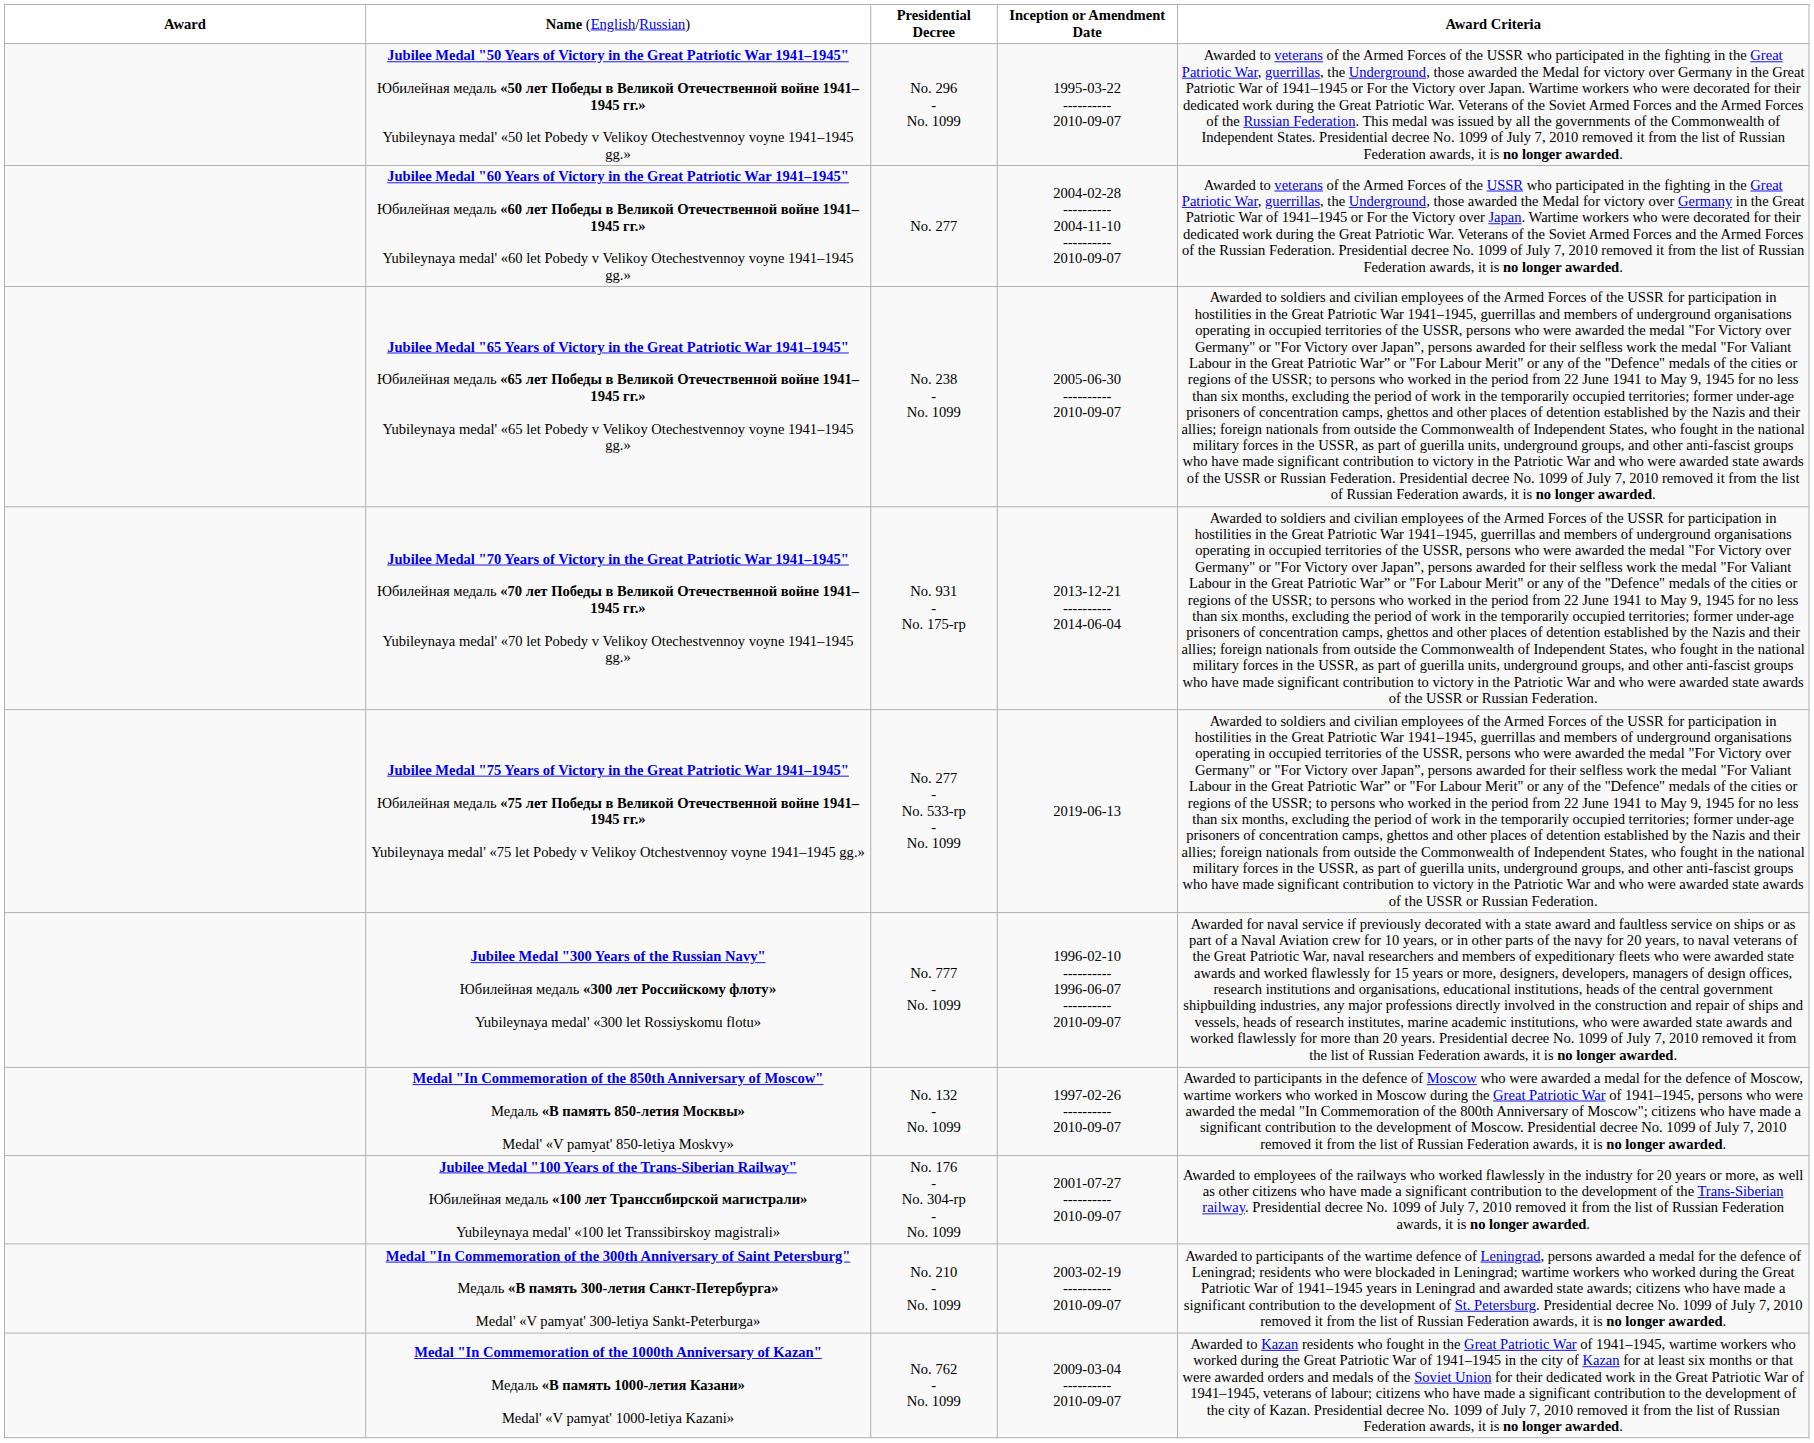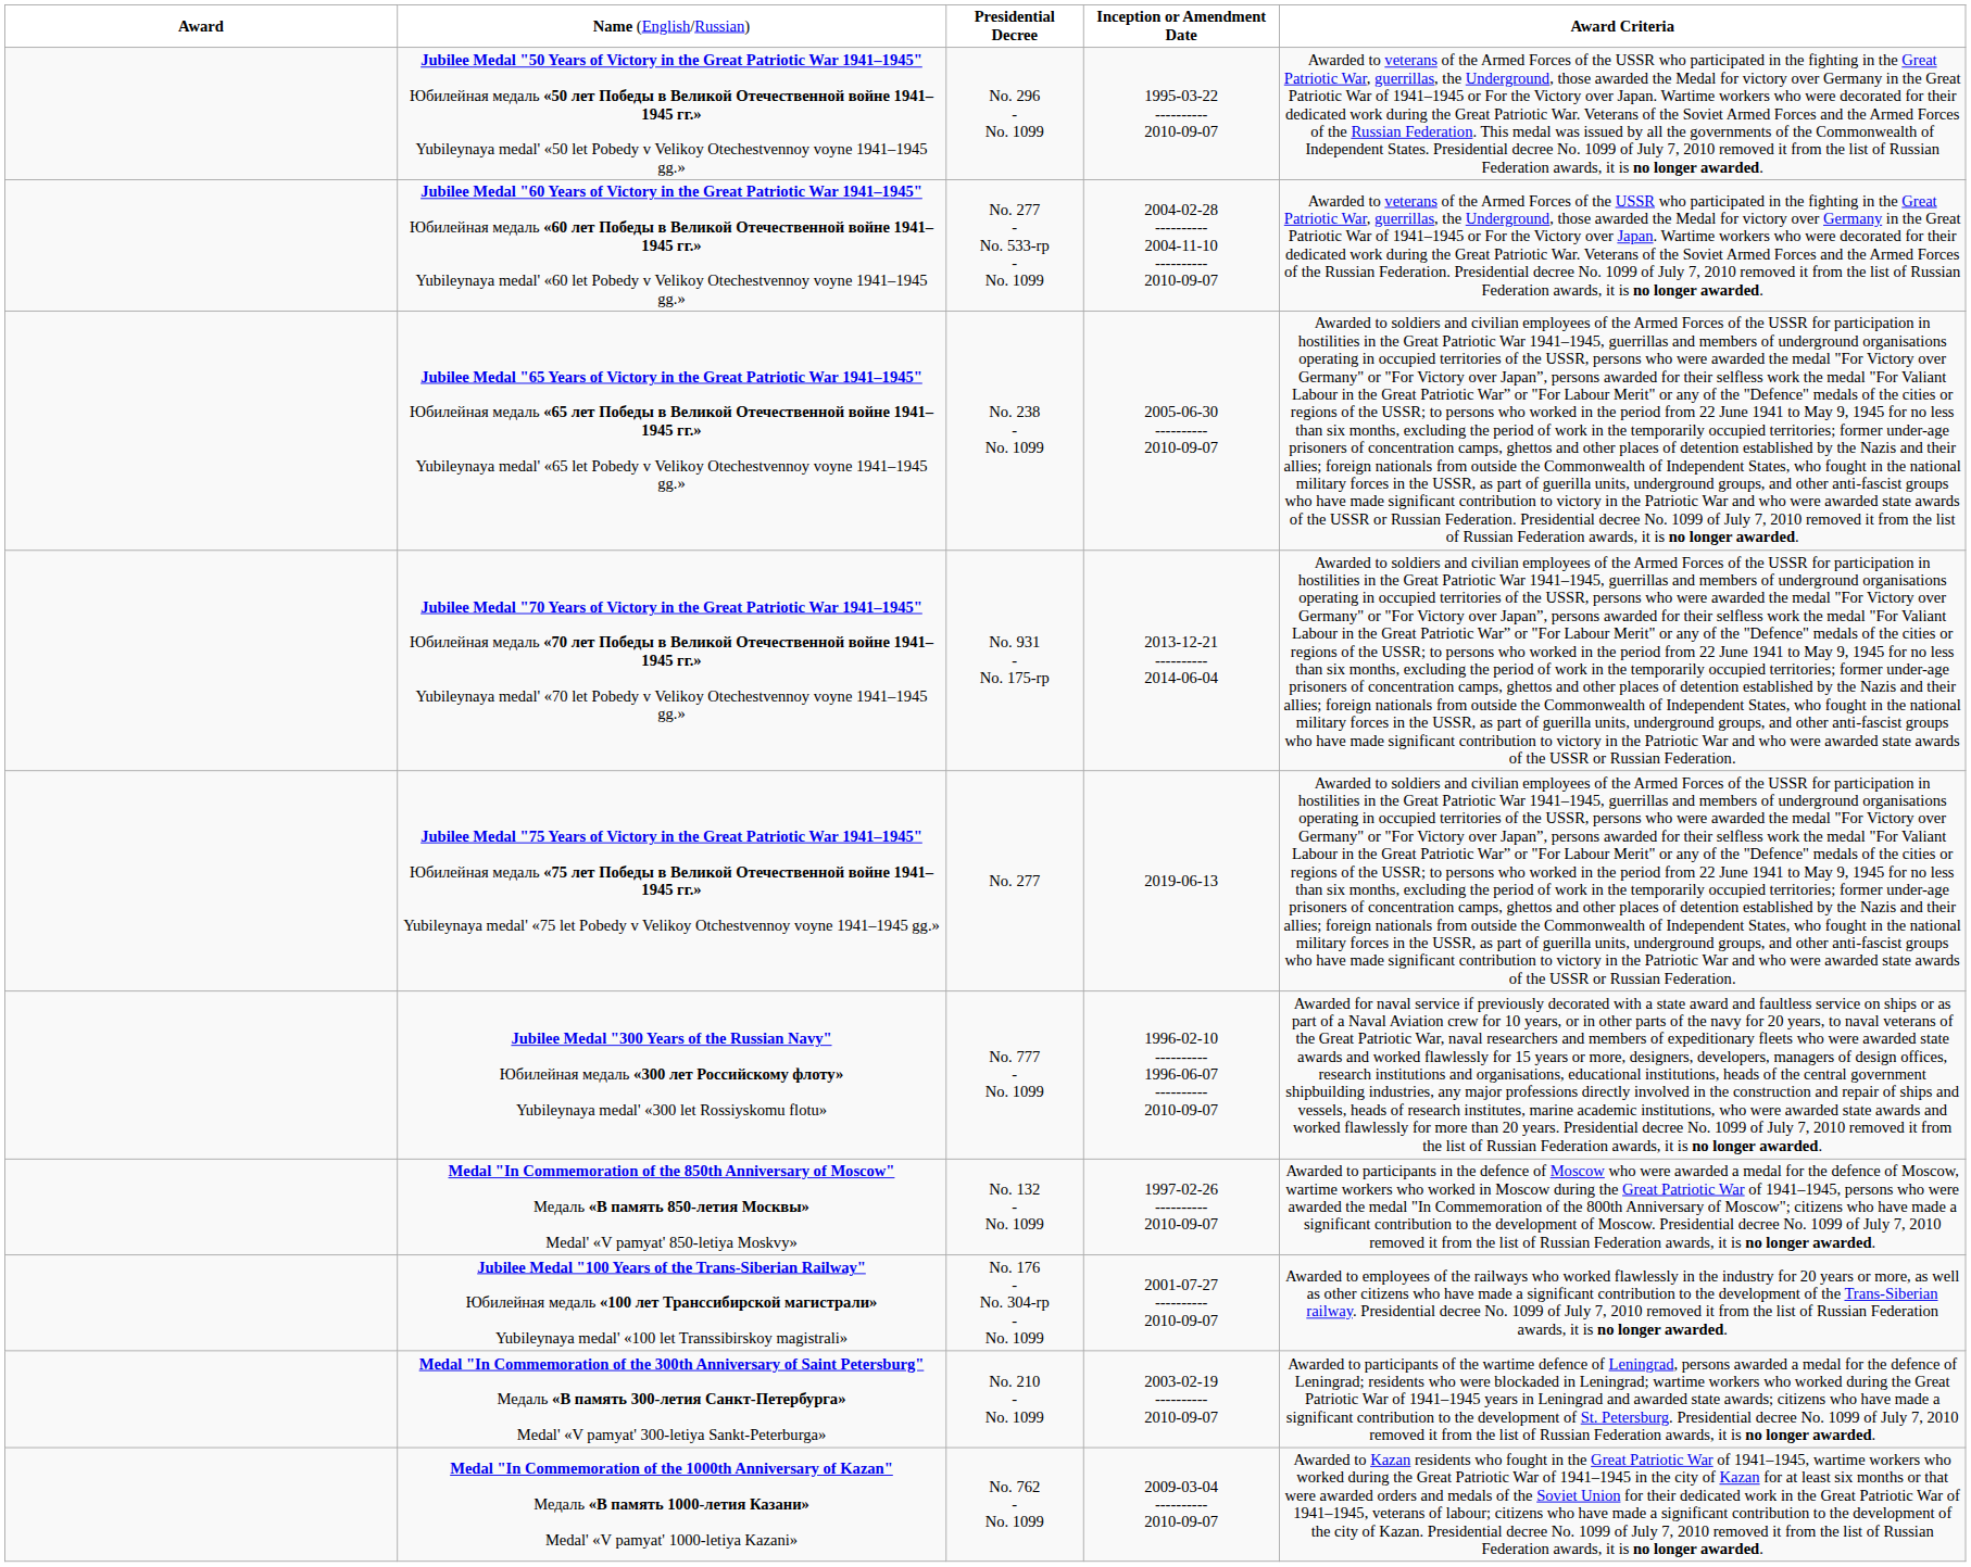 <table class="wikitable sortable" width="100%" style="text-align:center;">
 <tr>
 <td width="20%" bgcolor="#FFFFFF"><strong>Award</strong></td>
 <td width="28%" bgcolor="#FFFFFF"><strong>Name</strong> (<a href='#'>English</a>/<a href='#'>Russian</a>)</td>
 <td bgcolor="#FFFFFF" width="7%"><strong>Presidential Decree</strong></td>
 <td width="10%" bgcolor="#FFFFFF"><strong>Inception or Amendment Date</strong></td>
 <td width="35%" bgcolor="#FFFFFF"><strong>Award Criteria</strong></td>
 </tr>
 <tr>
 <td><br></td>
 <td><strong><a href='#'>Jubilee Medal "50 Years of Victory in the Great Patriotic War 1941–1945"</a></strong><br><br>Юбилейная медаль <strong>«50 лет Победы в Великой Отечественной войне 1941–1945 гг.»</strong><br><br>Yubileynaya medal' «50 let Pobedy v Velikoy Otechestvennoy voyne 1941–1945 gg.»</td>
 <td>No. 296<br>-<br>No. 1099</td>
 <td>1995-03-22<br>----------<br>2010-09-07</td>
 <td>Awarded to <a href='#'>veterans</a> of the Armed Forces of the USSR who participated in the fighting in the <a href='#'>Great Patriotic War</a>, <a href='#'>guerrillas</a>, the <a href='#'>Underground</a>, those awarded the Medal for victory over Germany in the Great Patriotic War of 1941–1945 or For the Victory over Japan.  Wartime workers who were decorated for their dedicated work during the Great Patriotic War.  Veterans of the Soviet Armed Forces and the Armed Forces of the <a href='#'>Russian Federation</a>. This medal was issued by all the governments of the Commonwealth of Independent States.  Presidential decree No. 1099 of July 7, 2010 removed it from the list of Russian Federation awards, it is <strong>no longer awarded</strong>.</td>
 </tr>
 <tr>
 <td><br></td>
 <td><strong><a href='#'>Jubilee Medal "60 Years of Victory in the Great Patriotic War 1941–1945"</a></strong><br><br>Юбилейная медаль <strong>«60 лет Победы в Великой Отечественной войне 1941–1945 гг.»</strong><br><br>Yubileynaya medal' «60 let Pobedy v Velikoy Otechestvennoy voyne 1941–1945 gg.»</td>
-<td>No. 277</td>
+<td>No. 277<br>-<br>No. 533-rp<br>-<br>No. 1099</td>
 <td>2004-02-28<br>----------<br>2004-11-10<br>----------<br>2010-09-07</td>
 <td>Awarded to <a href='#'>veterans</a> of the Armed Forces of the <a href='#'>USSR</a> who participated in the fighting in the <a href='#'>Great Patriotic War</a>, <a href='#'>guerrillas</a>, the <a href='#'>Underground</a>, those awarded the Medal for victory over <a href='#'>Germany</a> in the Great Patriotic War of 1941–1945 or For the Victory over <a href='#'>Japan</a>.  Wartime workers who were decorated for their dedicated work during the Great Patriotic War.  Veterans of the Soviet Armed Forces and the Armed Forces of the Russian Federation.  Presidential decree No. 1099 of July 7, 2010 removed it from the list of Russian Federation awards, it is <strong>no longer awarded</strong>.</td>
 </tr>
 <tr>
 <td><br></td>
 <td><strong><a href='#'>Jubilee Medal "65 Years of Victory in the Great Patriotic War 1941–1945"</a></strong><br><br>Юбилейная медаль <strong>«65 лет Победы в Великой Отечественной войне 1941–1945 гг.»</strong><br><br>Yubileynaya medal' «65 let Pobedy v Velikoy Otechestvennoy voyne 1941–1945 gg.»</td>
 <td>No. 238<br>-<br>No. 1099</td>
 <td>2005-06-30<br>----------<br>2010-09-07</td>
 <td>Awarded to soldiers and civilian employees of the Armed Forces of the USSR for participation in hostilities in the Great Patriotic War 1941–1945, guerrillas and members of underground organisations operating in occupied territories of the USSR, persons who were awarded the medal "For Victory over Germany" or "For Victory over Japan”, persons awarded for their selfless work the medal "For Valiant Labour in the Great Patriotic War” or "For Labour Merit" or any of the "Defence" medals of the cities or regions of the USSR; to persons who worked in the period from 22 June 1941 to May 9, 1945 for no less than six months, excluding the period of work in the temporarily occupied territories; former under-age prisoners of concentration camps, ghettos and other places of detention established by the Nazis and their allies; foreign nationals from outside the Commonwealth of Independent States, who fought in the national military forces in the USSR, as part of guerilla units, underground groups, and other anti-fascist groups who have made significant contribution to victory in the Patriotic War and who were awarded state awards of the USSR or Russian Federation.  Presidential decree No. 1099 of July 7, 2010 removed it from the list of Russian Federation awards, it is <strong>no longer awarded</strong>.</td>
 </tr>
 <tr>
 <td><br></td>
 <td><strong><a href='#'>Jubilee Medal "70 Years of Victory in the Great Patriotic War 1941–1945"</a></strong><br><br>Юбилейная медаль <strong>«70 лет Победы в Великой Отечественной войне 1941–1945 гг.»</strong><br><br>Yubileynaya medal' «70 let Pobedy v Velikoy Otechestvennoy voyne 1941–1945 gg.»</td>
 <td>No. 931<br>-<br>No. 175-rp</td>
 <td>2013-12-21<br>----------<br>2014-06-04</td>
 <td>Awarded to soldiers and civilian employees of the Armed Forces of the USSR for participation in hostilities in the Great Patriotic War 1941–1945, guerrillas and members of underground organisations operating in occupied territories of the USSR, persons who were awarded the medal "For Victory over Germany" or "For Victory over Japan”, persons awarded for their selfless work the medal "For Valiant Labour in the Great Patriotic War” or "For Labour Merit" or any of the "Defence" medals of the cities or regions of the USSR; to persons who worked in the period from 22 June 1941 to May 9, 1945 for no less than six months, excluding the period of work in the temporarily occupied territories; former under-age prisoners of concentration camps, ghettos and other places of detention established by the Nazis and their allies; foreign nationals from outside the Commonwealth of Independent States, who fought in the national military forces in the USSR, as part of guerilla units, underground groups, and other anti-fascist groups who have made significant contribution to victory in the Patriotic War and who were awarded state awards of the USSR or Russian Federation.</td>
 </tr>
 <tr>
 <td><br></td>
 <td><strong><a href='#'>Jubilee Medal "75 Years of Victory in the Great Patriotic War 1941–1945"</a></strong><br><br>Юбилейная медаль <strong>«75 лет Победы в Великой Отечественной войне 1941–1945 гг.»</strong><br><br>Yubileynaya medal' «75 let Pobedy v Velikoy Otchestvennoy voyne 1941–1945 gg.»</td>
-<td>No. 277<br>-<br>No. 533-rp<br>-<br>No. 1099</td>
+<td>No. 277</td>
 <td>2019-06-13</td>
 <td>Awarded to soldiers and civilian employees of the Armed Forces of the USSR for participation in hostilities in the Great Patriotic War 1941–1945, guerrillas and members of underground organisations operating in occupied territories of the USSR, persons who were awarded the medal "For Victory over Germany" or "For Victory over Japan”, persons awarded for their selfless work the medal "For Valiant Labour in the Great Patriotic War” or "For Labour Merit" or any of the "Defence" medals of the cities or regions of the USSR; to persons who worked in the period from 22 June 1941 to May 9, 1945 for no less than six months, excluding the period of work in the temporarily occupied territories; former under-age prisoners of concentration camps, ghettos and other places of detention established by the Nazis and their allies; foreign nationals from outside the Commonwealth of Independent States, who fought in the national military forces in the USSR, as part of guerilla units, underground groups, and other anti-fascist groups who have made significant contribution to victory in the Patriotic War and who were awarded state awards of the USSR or Russian Federation.</td>
 </tr>
 <tr>
 <td><br></td>
 <td><strong><a href='#'>Jubilee Medal "300 Years of the Russian Navy"</a></strong><br><br>Юбилейная медаль <strong>«300 лет Российскому флоту»</strong><br><br>Yubileynaya medal' «300 let Rossiyskomu flotu»</td>
 <td>No. 777<br>-<br>No. 1099</td>
 <td>1996-02-10<br>----------<br>1996-06-07<br>----------<br>2010-09-07</td>
 <td>Awarded for naval service if previously decorated with a state award and faultless service on ships or as part of a Naval Aviation crew for 10 years, or in other parts of the navy for 20 years, to naval veterans of the Great Patriotic War, naval researchers and members of expeditionary fleets who were awarded state awards and worked flawlessly for 15 years or more, designers, developers, managers of design offices, research institutions and organisations, educational institutions, heads of the central government shipbuilding industries, any major professions directly involved in the construction and repair of ships and vessels, heads of research institutes, marine academic institutions, who were awarded state awards and worked flawlessly for more than 20 years.  Presidential decree No. 1099 of July 7, 2010 removed it from the list of Russian Federation awards, it is <strong>no longer awarded</strong>.</td>
 </tr>
 <tr>
 <td><br></td>
 <td><strong><a href='#'>Medal "In Commemoration of the 850th Anniversary of Moscow"</a></strong><br><br>Медаль <strong>«В память 850-летия Москвы»</strong><br><br>Medal' «V pamyat' 850-letiya Moskvy»</td>
 <td>No. 132<br>-<br>No. 1099</td>
 <td>1997-02-26<br>----------<br>2010-09-07</td>
 <td>Awarded to participants in the defence of <a href='#'>Moscow</a> who were awarded a medal for the defence of Moscow, wartime workers who worked in Moscow during the <a href='#'>Great Patriotic War</a> of 1941–1945, persons who were awarded the medal "In Commemoration of the 800th Anniversary of Moscow"; citizens who have made a significant contribution to the development of Moscow.  Presidential decree No. 1099 of July 7, 2010 removed it from the list of Russian Federation awards, it is <strong>no longer awarded</strong>.</td>
 </tr>
 <tr>
 <td><br></td>
 <td><strong><a href='#'>Jubilee Medal "100 Years of the Trans-Siberian Railway"</a></strong><br><br>Юбилейная медаль <strong>«100 лет Транссибирской магистрали»</strong><br><br>Yubileynaya medal' «100 let Transsibirskoy magistrali»</td>
 <td>No. 176<br>-<br>No. 304-rp<br>-<br>No. 1099</td>
 <td>2001-07-27<br>----------<br>2010-09-07</td>
 <td>Awarded to employees of the railways who worked flawlessly in the industry for 20 years or more, as well as other citizens who have made a significant contribution to the development of the <a href='#'>Trans-Siberian railway</a>.  Presidential decree No. 1099 of July 7, 2010 removed it from the list of Russian Federation awards, it is <strong>no longer awarded</strong>.</td>
 </tr>
 <tr>
 <td><br></td>
 <td><strong><a href='#'>Medal "In Commemoration of the 300th Anniversary of Saint Petersburg"</a></strong><br><br>Медаль <strong>«В память 300-летия Санкт-Петербурга»</strong><br><br>Medal' «V pamyat' 300-letiya Sankt-Peterburga»</td>
 <td>No. 210<br>-<br>No. 1099</td>
 <td>2003-02-19<br>----------<br>2010-09-07</td>
 <td>Awarded to participants of the wartime defence of <a href='#'>Leningrad</a>, persons awarded a medal for the defence of Leningrad; residents who were blockaded in Leningrad; wartime workers who worked during the Great Patriotic War of 1941–1945 years in Leningrad and awarded state awards; citizens who have made a significant contribution to the development of <a href='#'>St. Petersburg</a>.  Presidential decree No. 1099 of July 7, 2010 removed it from the list of Russian Federation awards, it is <strong>no longer awarded</strong>.</td>
 </tr>
 <tr>
 <td><br></td>
 <td><strong><a href='#'>Medal "In Commemoration of the 1000th Anniversary of Kazan"</a></strong><br><br>Медаль <strong>«В память 1000-летия Казани»</strong><br><br>Medal' «V pamyat' 1000-letiya Kazani»</td>
 <td>No. 762<br>-<br>No. 1099</td>
 <td>2009-03-04<br>----------<br>2010-09-07</td>
 <td>Awarded to <a href='#'>Kazan</a> residents who fought in the <a href='#'>Great Patriotic War</a> of 1941–1945, wartime workers who worked during the Great Patriotic War of 1941–1945 in the city of <a href='#'>Kazan</a> for at least six months or that were awarded orders and medals of the <a href='#'>Soviet Union</a> for their dedicated work in the Great Patriotic War of 1941–1945, veterans of labour; citizens who have made a significant contribution to the development of the city of Kazan.  Presidential decree No. 1099 of July 7, 2010 removed it from the list of Russian Federation awards, it is <strong>no longer awarded</strong>.</td>
 </tr>
 </table>
